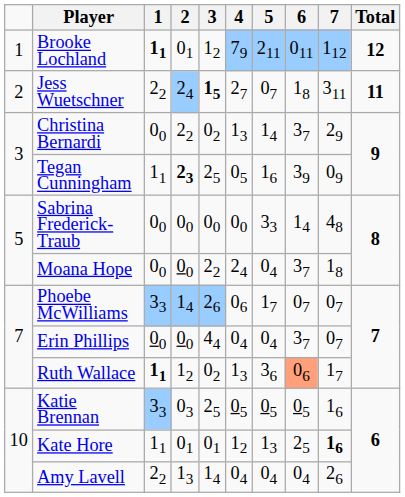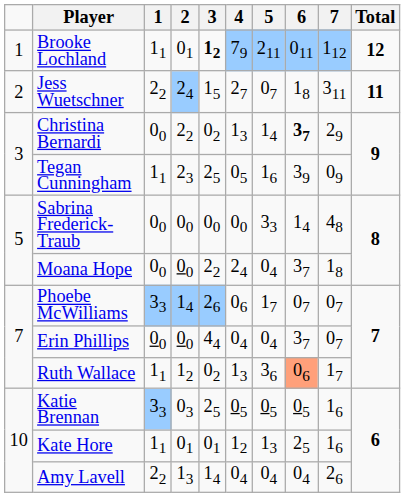 <table class="wikitable nowraplinks" style="text-align:center; line-height: 90%; font-size:90%;" width=50%>
 <tr>
 <td width=20></td>
 <th width=110 abbr="Position">Player</th>
 <th width=20 abbr="Round 1">1</th>
 <th width=20 abbr="Round 2">2</th>
 <th width=20 abbr="Round 3">3</th>
 <th width=20 abbr="Round 4">4</th>
 <th width=20 abbr="Round 5">5</th>
 <th width=20 abbr="Round 6">6</th>
 <th width=20 abbr="Round 7">7</th>
 <th width=20 abbr="Total">Total</th>
 </tr>
 <tr>
 <td>1</td>
 <td style="text-align:left;"><a href='#'>Brooke Lochland</a></td>
-<td><strong>1<sub>1</sub></strong></td>
+<td>1<sub>1</sub></td>
 <td>0<sub>1</sub></td>
-<td>1<sub>2</sub></td>
+<td><strong>1<sub>2</sub></strong></td>
 <td style="background:#99ccff;">7<sub>9</sub></td>
 <td style="background:#99ccff;">2<sub>11</sub></td>
 <td style="background:#99ccff;">0<sub>11</sub></td>
 <td style="background:#99ccff;">1<sub>12</sub></td>
 <td><strong>12</strong></td>
 </tr>
 <tr>
 <td>2</td>
 <td style="text-align:left;"><a href='#'>Jess Wuetschner</a></td>
 <td>2<sub>2</sub></td>
 <td style="background:#99ccff;">2<sub>4</sub></td>
-<td><strong>1<sub>5</sub></strong></td>
+<td>1<sub>5</sub></td>
 <td>2<sub>7</sub></td>
 <td>0<sub>7</sub></td>
 <td>1<sub>8</sub></td>
 <td>3<sub>11</sub></td>
 <td><strong>11</strong></td>
 </tr>
 <tr>
 <td rowspan=2>3</td>
 <td style="text-align:left;"><a href='#'>Christina Bernardi</a></td>
 <td>0<sub>0</sub></td>
 <td>2<sub>2</sub></td>
 <td>0<sub>2</sub></td>
 <td>1<sub>3</sub></td>
 <td>1<sub>4</sub></td>
-<td>3<sub>7</sub></td>
+<td><strong>3<sub>7</sub></strong></td>
 <td>2<sub>9</sub></td>
 <td rowspan=2><strong>9</strong></td>
 </tr>
 <tr>
 <td style="text-align:left;"><a href='#'>Tegan Cunningham</a></td>
 <td>1<sub>1</sub></td>
-<td><strong>2<sub>3</sub></strong></td>
+<td>2<sub>3</sub></td>
 <td>2<sub>5</sub></td>
 <td>0<sub>5</sub></td>
 <td>1<sub>6</sub></td>
 <td>3<sub>9</sub></td>
 <td>0<sub>9</sub></td>
 </tr>
 <tr>
 <td rowspan=2>5</td>
 <td style="text-align:left;"><a href='#'>Sabrina Frederick-Traub</a></td>
 <td>0<sub>0</sub></td>
 <td>0<sub>0</sub></td>
 <td>0<sub>0</sub></td>
 <td>0<sub>0</sub></td>
 <td>3<sub>3</sub></td>
 <td>1<sub>4</sub></td>
 <td>4<sub>8</sub></td>
 <td rowspan=2><strong>8</strong></td>
 </tr>
 <tr>
 <td style="text-align:left;"><a href='#'>Moana Hope</a></td>
 <td>0<sub>0</sub></td>
 <td><u>0<sub>0</sub></u></td>
 <td>2<sub>2</sub></td>
 <td>2<sub>4</sub></td>
 <td>0<sub>4</sub></td>
 <td>3<sub>7</sub></td>
 <td>1<sub>8</sub></td>
 </tr>
 <tr>
 <td rowspan=3>7</td>
 <td style="text-align:left;"><a href='#'>Phoebe McWilliams</a></td>
 <td style="background:#99ccff;">3<sub>3</sub></td>
 <td style="background:#99ccff;">1<sub>4</sub></td>
 <td style="background:#99ccff;">2<sub>6</sub></td>
 <td>0<sub>6</sub></td>
 <td>1<sub>7</sub></td>
 <td>0<sub>7</sub></td>
 <td>0<sub>7</sub></td>
 <td rowspan=3><strong>7</strong></td>
 </tr>
 <tr>
 <td style="text-align:left;"><a href='#'>Erin Phillips</a></td>
 <td><u>0<sub>0</sub></u></td>
 <td><u>0<sub>0</sub></u></td>
 <td>4<sub>4</sub></td>
 <td>0<sub>4</sub></td>
 <td>0<sub>4</sub></td>
 <td>3<sub>7</sub></td>
 <td>0<sub>7</sub></td>
 </tr>
 <tr>
 <td style="text-align:left;"><a href='#'>Ruth Wallace</a></td>
-<td><strong>1<sub>1</sub></strong></td>
+<td>1<sub>1</sub></td>
 <td>1<sub>2</sub></td>
 <td>0<sub>2</sub></td>
 <td>1<sub>3</sub></td>
 <td>3<sub>6</sub></td>
 <td style="background: lightsalmon;">0<sub>6</sub></td>
 <td>1<sub>7</sub></td>
 </tr>
 <tr>
 <td rowspan=3>10</td>
 <td style="text-align:left;"><a href='#'>Katie Brennan</a></td>
 <td style="background:#99ccff;">3<sub>3</sub></td>
 <td>0<sub>3</sub></td>
 <td>2<sub>5</sub></td>
 <td><u>0<sub>5</sub></u></td>
 <td><u>0<sub>5</sub></u></td>
 <td><u>0<sub>5</sub></u></td>
 <td>1<sub>6</sub></td>
 <td rowspan=3><strong>6</strong></td>
 </tr>
 <tr>
 <td style="text-align:left;"><a href='#'>Kate Hore</a></td>
 <td>1<sub>1</sub></td>
 <td>0<sub>1</sub></td>
 <td>0<sub>1</sub></td>
 <td>1<sub>2</sub></td>
 <td>1<sub>3</sub></td>
 <td>2<sub>5</sub></td>
-<td><strong>1<sub>6</sub></strong></td>
+<td>1<sub>6</sub></td>
 </tr>
 <tr>
 <td style="text-align:left;"><a href='#'>Amy Lavell</a></td>
 <td>2<sub>2</sub></td>
 <td>1<sub>3</sub></td>
 <td>1<sub>4</sub></td>
 <td>0<sub>4</sub></td>
 <td>0<sub>4</sub></td>
 <td>0<sub>4</sub></td>
 <td>2<sub>6</sub></td>
 </tr>
 </table>
